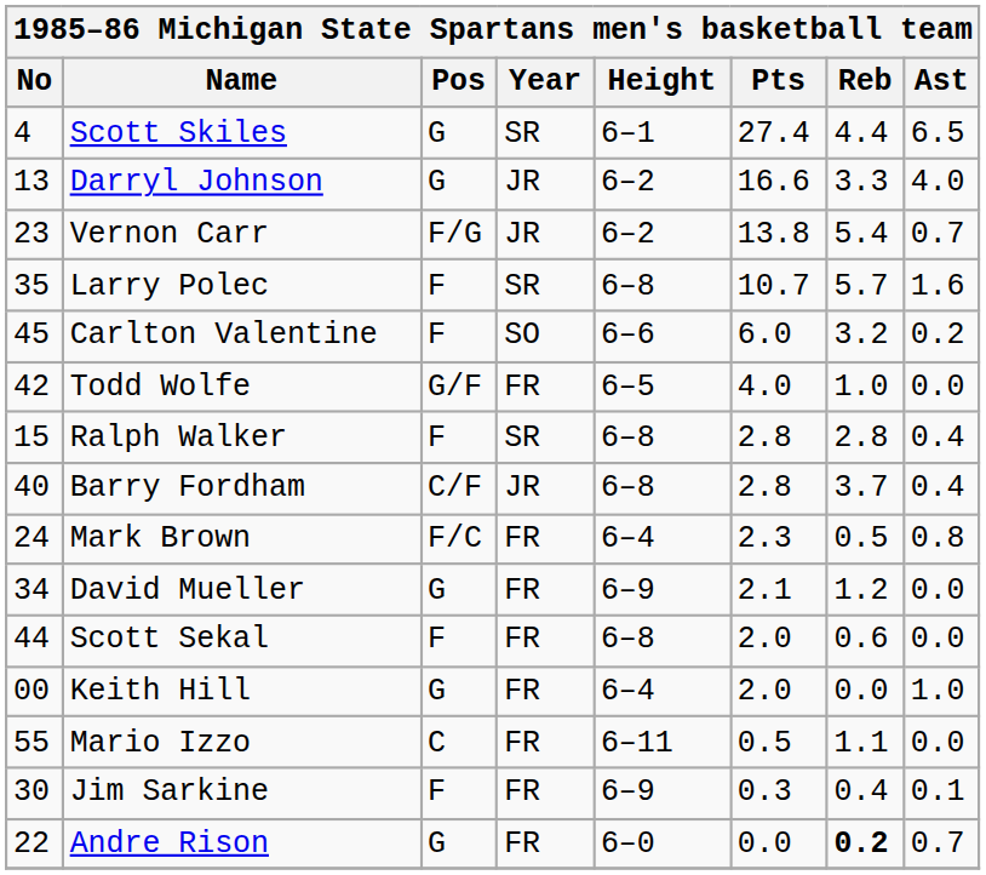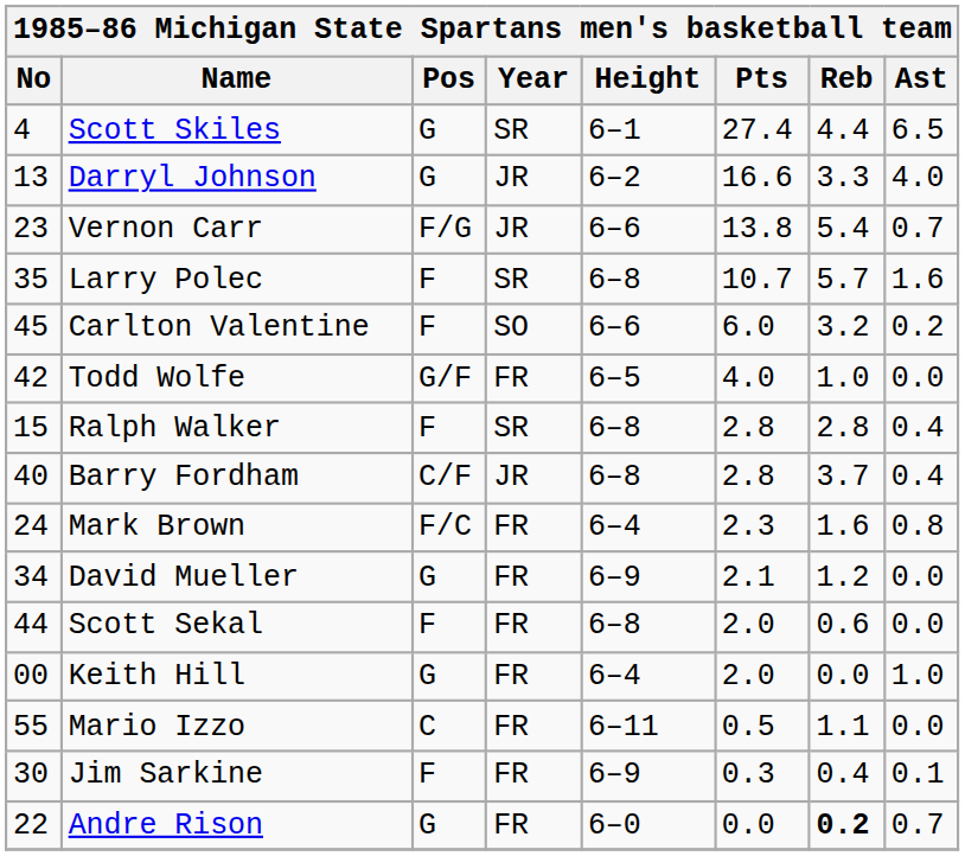 <table class="wikitable sortable" style="font-size: 90%" |->
 <tr>
 <th colspan=9 style=>1985–86 Michigan State Spartans men's basketball team</th>
 </tr>
 <tr>
 <th style="background:#">No</th>
 <th style="background:#">Name</th>
 <th style="background:#">Pos</th>
 <th style="background:#">Year</th>
 <th style="background:#">Height</th>
 <th style="background:#">Pts</th>
 <th style="background:#">Reb</th>
 <th style="background:#">Ast</th>
 </tr>
 <tr>
 <td>4</td>
 <td><a href='#'>Scott Skiles</a></td>
 <td>G</td>
 <td>SR</td>
 <td>6–1</td>
 <td>27.4</td>
 <td>4.4</td>
 <td>6.5</td>
 </tr>
 <tr>
 <td>13</td>
 <td><a href='#'>Darryl Johnson</a></td>
 <td>G</td>
 <td>JR</td>
 <td>6–2</td>
 <td>16.6</td>
 <td>3.3</td>
 <td>4.0</td>
 </tr>
 <tr>
 <td>23</td>
 <td>Vernon Carr</td>
 <td>F/G</td>
 <td>JR</td>
-<td>6–2</td>
+<td>6–6</td>
 <td>13.8</td>
 <td>5.4</td>
 <td>0.7</td>
 </tr>
 <tr>
 <td>35</td>
 <td>Larry Polec</td>
 <td>F</td>
 <td>SR</td>
 <td>6–8</td>
 <td>10.7</td>
 <td>5.7</td>
 <td>1.6</td>
 </tr>
 <tr>
 <td>45</td>
 <td>Carlton Valentine</td>
 <td>F</td>
 <td>SO</td>
 <td>6–6</td>
 <td>6.0</td>
 <td>3.2</td>
 <td>0.2</td>
 </tr>
 <tr>
 <td>42</td>
 <td>Todd Wolfe</td>
 <td>G/F</td>
 <td>FR</td>
 <td>6–5</td>
 <td>4.0</td>
 <td>1.0</td>
 <td>0.0</td>
 </tr>
 <tr>
 <td>15</td>
 <td>Ralph Walker</td>
 <td>F</td>
 <td>SR</td>
 <td>6–8</td>
 <td>2.8</td>
 <td>2.8</td>
 <td>0.4</td>
 </tr>
 <tr>
 <td>40</td>
 <td>Barry Fordham</td>
 <td>C/F</td>
 <td>JR</td>
 <td>6–8</td>
 <td>2.8</td>
 <td>3.7</td>
 <td>0.4</td>
 </tr>
 <tr>
 <td>24</td>
 <td>Mark Brown</td>
 <td>F/C</td>
 <td>FR</td>
 <td>6–4</td>
 <td>2.3</td>
-<td>0.5</td>
+<td>1.6</td>
 <td>0.8</td>
 </tr>
 <tr>
 <td>34</td>
 <td>David Mueller</td>
 <td>G</td>
 <td>FR</td>
 <td>6–9</td>
 <td>2.1</td>
 <td>1.2</td>
 <td>0.0</td>
 </tr>
 <tr>
 <td>44</td>
 <td>Scott Sekal</td>
 <td>F</td>
 <td>FR</td>
 <td>6–8</td>
 <td>2.0</td>
 <td>0.6</td>
 <td>0.0</td>
 </tr>
 <tr>
 <td>00</td>
 <td>Keith Hill</td>
 <td>G</td>
 <td>FR</td>
 <td>6–4</td>
 <td>2.0</td>
 <td>0.0</td>
 <td>1.0</td>
 </tr>
 <tr>
 <td>55</td>
 <td>Mario Izzo</td>
 <td>C</td>
 <td>FR</td>
 <td>6–11</td>
 <td>0.5</td>
 <td>1.1</td>
 <td>0.0</td>
 </tr>
 <tr>
 <td>30</td>
 <td>Jim Sarkine</td>
 <td>F</td>
 <td>FR</td>
 <td>6–9</td>
 <td>0.3</td>
 <td>0.4</td>
 <td>0.1</td>
 </tr>
 <tr>
 <td>22</td>
 <td><a href='#'>Andre Rison</a></td>
 <td>G</td>
 <td>FR</td>
 <td>6–0</td>
 <td>0.0</td>
 <td><strong>0.2</strong></td>
 <td>0.7</td>
 </tr>
 <tr>
 </tr>
 </table>
